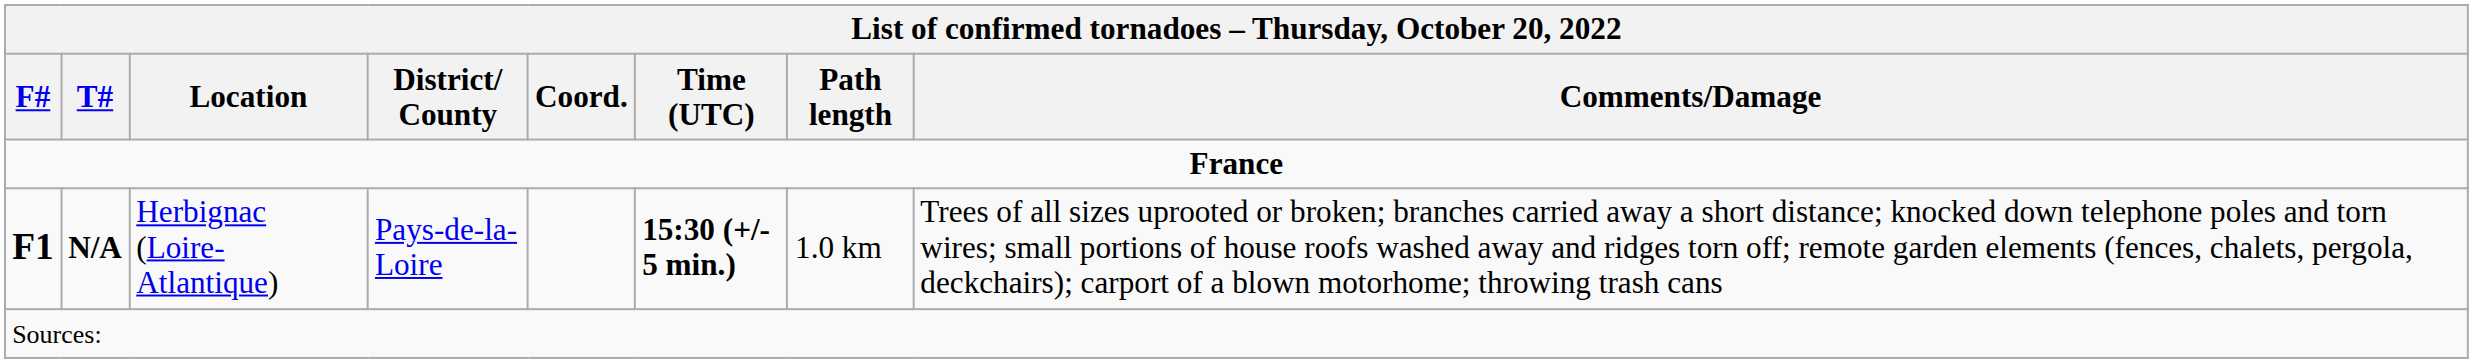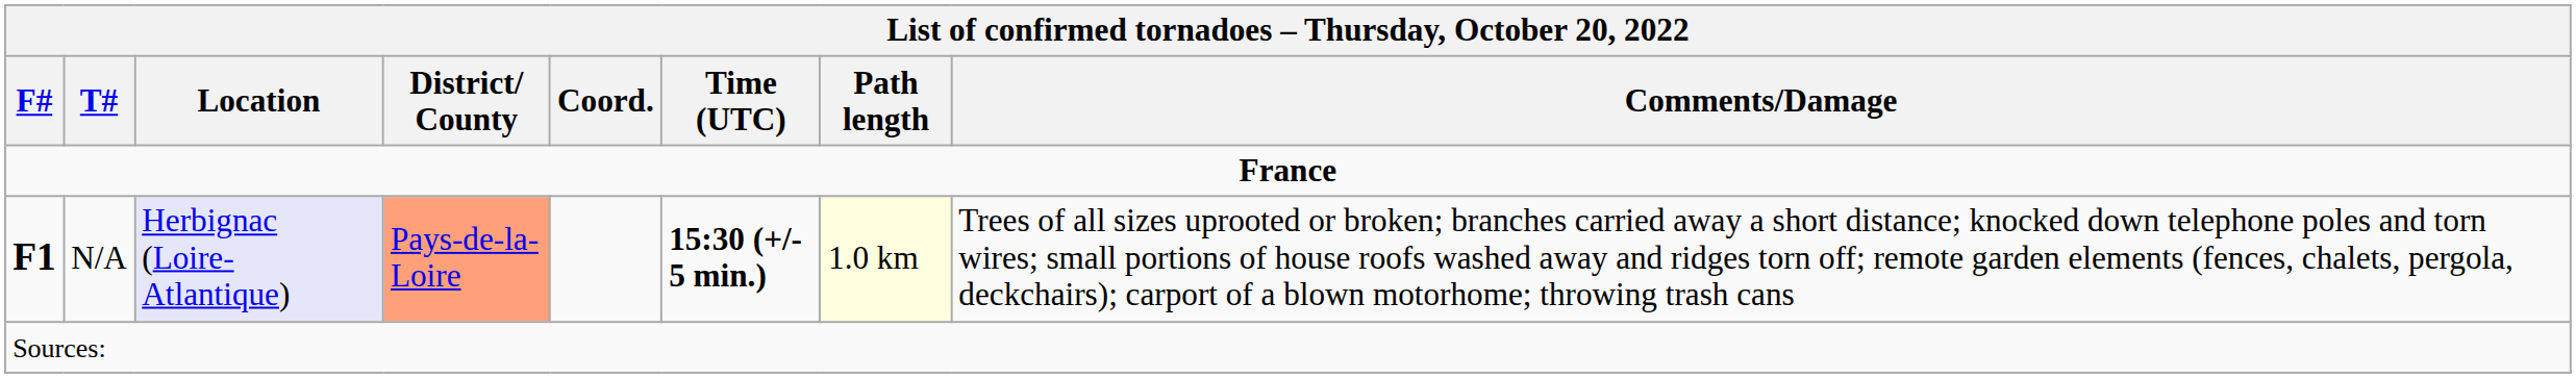 <table class="wikitable collapsible" width="100%">
 <tr>
 <th colspan="8">List of confirmed tornadoes – Thursday, October 20, 2022</th>
 </tr>
 <tr>
 <th><a href='#'>F#</a></th>
 <th><a href='#'>T#</a></th>
 <th>Location</th>
 <th>District/<br>County</th>
 <th>Coord.</th>
 <th>Time (UTC)</th>
 <th>Path length</th>
 <th>Comments/Damage</th>
 </tr>
 <tr>
 <td colspan="8" align=center><strong>France</strong></td>
 </tr>
 <tr>
 <td><big><strong>F1</strong></big></td>
-<td><strong>N/A</strong></td>
-<td><a href='#'>Herbignac</a> (<a href='#'>Loire-Atlantique</a>)</td>
-<td><a href='#'>Pays-de-la-Loire</a></td>
+<td>N/A</td>
+<td style="background: lavender;"><a href='#'>Herbignac</a> (<a href='#'>Loire-Atlantique</a>)</td>
+<td style="background: lightsalmon;"><a href='#'>Pays-de-la-Loire</a></td>
 <td></td>
 <td><strong>15:30 (+/- 5 min.)</strong></td>
-<td>1.0 km</td>
+<td style="background: lightyellow;">1.0 km</td>
 <td>Trees of all sizes uprooted or broken; branches carried away a short distance; knocked down telephone poles and torn wires; small portions of house roofs washed away and ridges torn off; remote garden elements (fences, chalets, pergola, deckchairs); carport of a blown motorhome; throwing trash cans</td>
 </tr>
 <tr>
 <td colspan="8"><small>Sources:  </small></td>
 </tr>
 </table>
